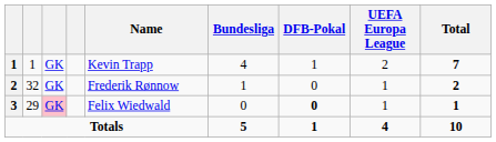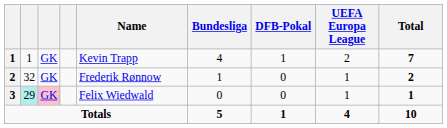 <table class="wikitable" style="text-align:center">
 <tr>
 <th width=15></th>
 <th width=15></th>
 <th width=15></th>
 <th width=15></th>
 <th width=145>Name</th>
 <th width=80><a href='#'>Bundesliga</a></th>
 <th width=80><a href='#'>DFB-Pokal</a></th>
 <th width=80><a href='#'>UEFA Europa League</a></th>
 <th width=80>Total</th>
 </tr>
 <tr>
 <th rowspan=1>1</th>
 <td>1</td>
 <td><a href='#'>GK</a></td>
 <td></td>
 <td align=left><a href='#'>Kevin Trapp</a></td>
 <td>4</td>
 <td>1</td>
 <td>2</td>
 <td><strong>7</strong></td>
 </tr>
 <tr>
 <th rowspan=1>2</th>
 <td>32</td>
 <td><a href='#'>GK</a></td>
 <td></td>
 <td align=left><a href='#'>Frederik Rønnow</a></td>
 <td>1</td>
 <td>0</td>
 <td>1</td>
 <td><strong>2</strong></td>
 </tr>
 <tr>
 <th rowspan=1>3</th>
-<td>29</td>
+<td style="background: paleturquoise;">29</td>
 <td style="background: pink;"><a href='#'>GK</a></td>
 <td></td>
 <td align=left><a href='#'>Felix Wiedwald</a></td>
 <td>0</td>
-<td><strong>0</strong></td>
+<td>0</td>
 <td>1</td>
 <td><strong>1</strong></td>
 </tr>
 <tr>
 <td colspan=5><strong>Totals</strong></td>
 <td><strong>5</strong></td>
 <td><strong>1</strong></td>
 <td><strong>4</strong></td>
 <td><strong>10</strong></td>
 </tr>
 </table>
